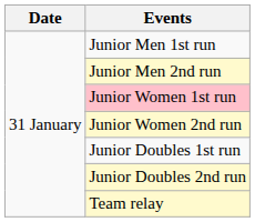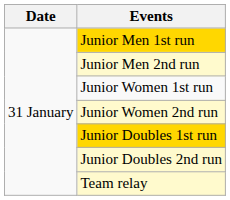 <table class="wikitable" border="1">
 <tr>
 <th>Date</th>
 <th>Events</th>
 </tr>
 <tr>
 <td rowspan=7>31 January</td>
-<td>Junior Men 1st run</td>
+<td style="background: gold;">Junior Men 1st run</td>
 </tr>
 <tr bgcolor=lemonchiffon>
 <td>Junior Men 2nd run</td>
 </tr>
 <tr>
-<td style="background: pink;">Junior Women 1st run</td>
+<td>Junior Women 1st run</td>
 </tr>
 <tr bgcolor=lemonchiffon>
 <td>Junior Women 2nd run</td>
 </tr>
 <tr>
-<td>Junior Doubles 1st run</td>
+<td style="background: gold;">Junior Doubles 1st run</td>
 </tr>
 <tr bgcolor=lemonchiffon>
 <td>Junior Doubles 2nd run</td>
 </tr>
 <tr bgcolor=lemonchiffon>
 <td>Team relay</td>
 </tr>
 </table>
